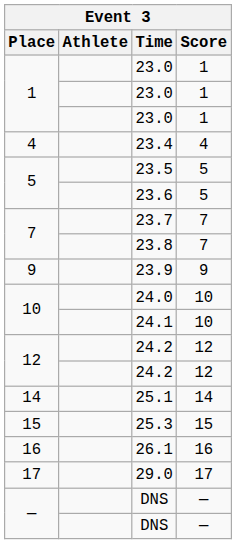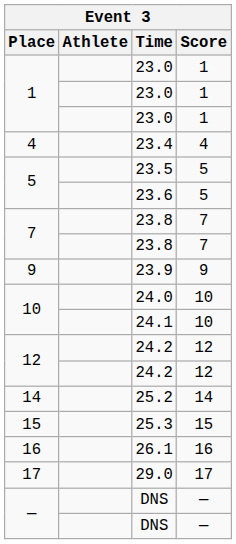 <table class=wikitable style="text-align:center">
 <tr>
 <th colspan=4><strong>Event 3</strong></th>
 </tr>
 <tr>
 <th>Place</th>
 <th>Athlete</th>
 <th>Time</th>
 <th>Score</th>
 </tr>
 <tr>
 <td rowspan=3>1</td>
 <td align=left></td>
 <td>23.0</td>
 <td>1</td>
 </tr>
 <tr>
 <td align=left></td>
 <td>23.0</td>
 <td>1</td>
 </tr>
 <tr>
 <td align=left></td>
 <td>23.0</td>
 <td>1</td>
 </tr>
 <tr>
 <td>4</td>
 <td align=left></td>
 <td>23.4</td>
 <td>4</td>
 </tr>
 <tr>
 <td rowspan=2>5</td>
 <td align=left></td>
 <td>23.5</td>
 <td>5</td>
 </tr>
 <tr>
 <td align=left></td>
 <td>23.6</td>
 <td>5</td>
 </tr>
 <tr>
 <td rowspan=2>7</td>
 <td align=left></td>
-<td>23.7</td>
+<td>23.8</td>
 <td>7</td>
 </tr>
 <tr>
 <td align=left></td>
 <td>23.8</td>
 <td>7</td>
 </tr>
 <tr>
 <td>9</td>
 <td align=left></td>
 <td>23.9</td>
 <td>9</td>
 </tr>
 <tr>
 <td rowspan=2>10</td>
 <td align=left></td>
 <td>24.0</td>
 <td>10</td>
 </tr>
 <tr>
 <td align=left></td>
 <td>24.1</td>
 <td>10</td>
 </tr>
 <tr>
 <td rowspan=2>12</td>
 <td align=left></td>
 <td>24.2</td>
 <td>12</td>
 </tr>
 <tr>
 <td align=left></td>
 <td>24.2</td>
 <td>12</td>
 </tr>
 <tr>
 <td>14</td>
 <td align=left></td>
-<td>25.1</td>
+<td>25.2</td>
 <td>14</td>
 </tr>
 <tr>
 <td>15</td>
 <td align=left></td>
 <td>25.3</td>
 <td>15</td>
 </tr>
 <tr>
 <td>16</td>
 <td align=left></td>
 <td>26.1</td>
 <td>16</td>
 </tr>
 <tr>
 <td>17</td>
 <td align=left></td>
 <td>29.0</td>
 <td>17</td>
 </tr>
 <tr>
 <td rowspan=2>—</td>
 <td align=left></td>
 <td>DNS</td>
 <td>—</td>
 </tr>
 <tr>
 <td align=left></td>
 <td>DNS</td>
 <td>—</td>
 </tr>
 </table>
